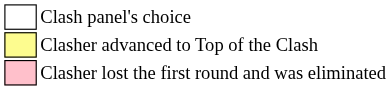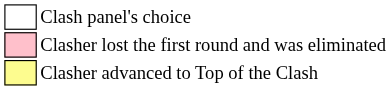 <table class="toccolours" style="white-space: nowrap;">
 <tr>
 <td style="background:white; border: 1px solid black;"> <strong></strong> </td>
 <td>Clash panel's choice</td>
 </tr>
 <tr>
+<td style="background:pink; border:1px solid black;">      </td>
+<td>Clasher lost the first round and was eliminated</td>
+</tr>
+<tr>
 <td style="background:#fdfc8f; border: 1px solid black">    </td>
 <td>Clasher advanced to Top of the Clash</td>
 </tr>
-<tr>
-<td style="background:pink; border:1px solid black;">      </td>
-<td>Clasher lost the first round and was eliminated</td>
-</tr>
 </table>
